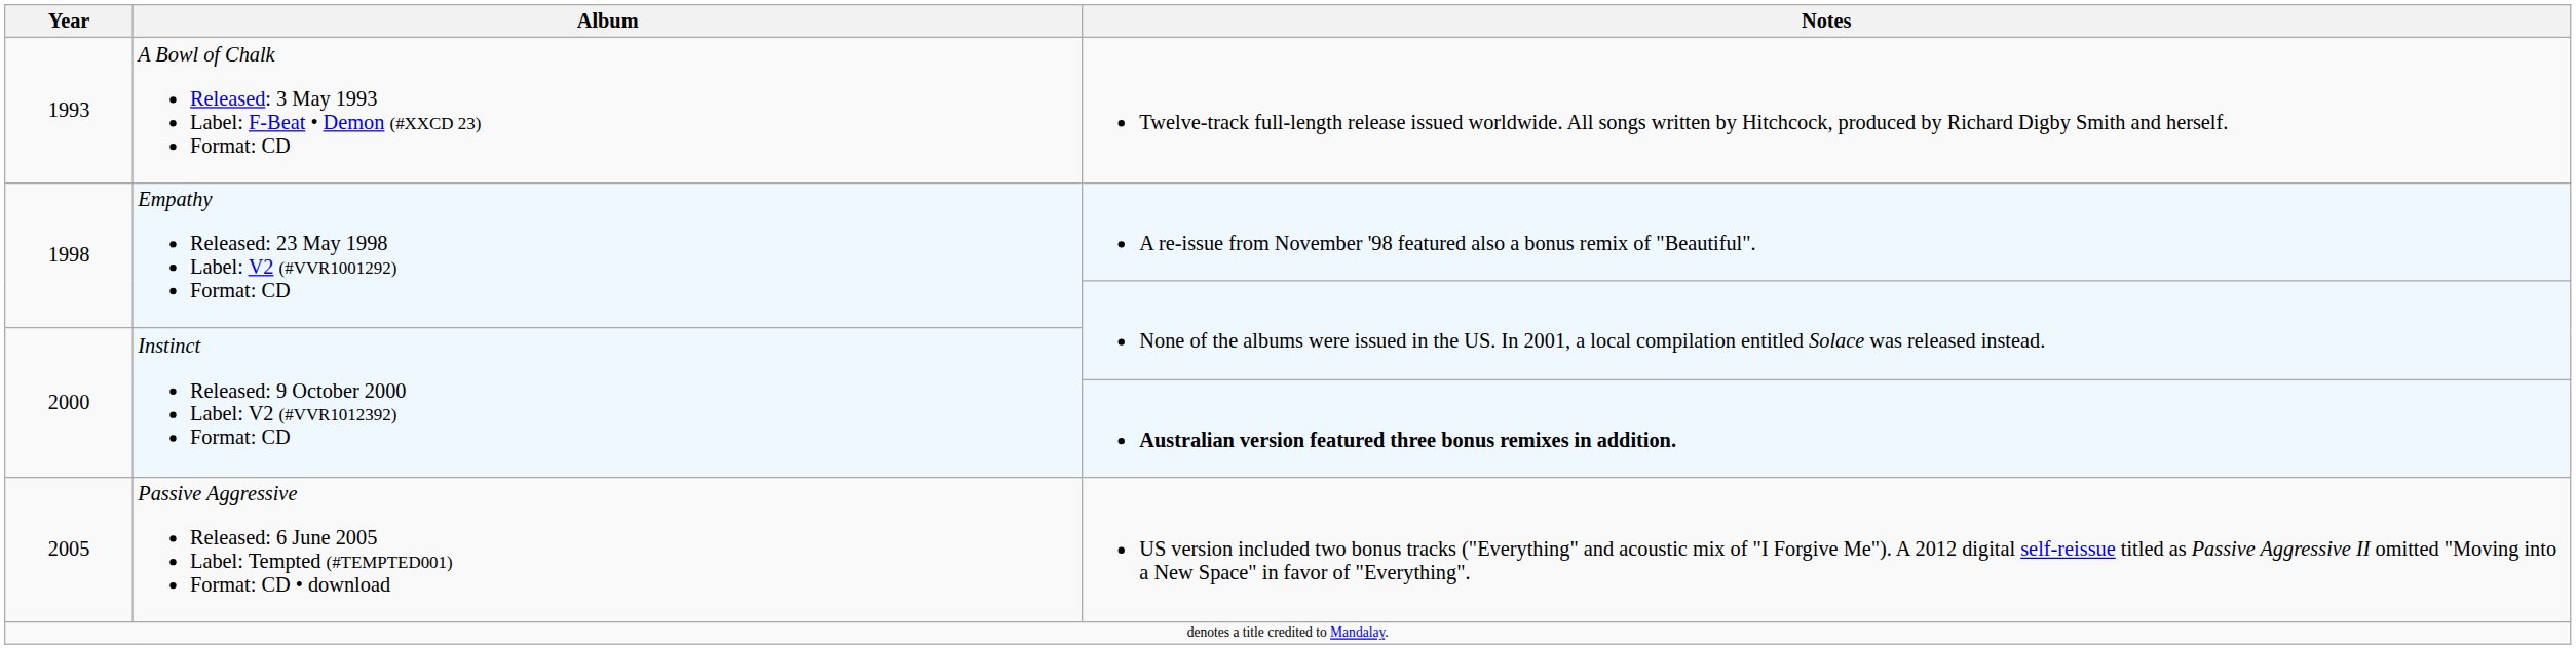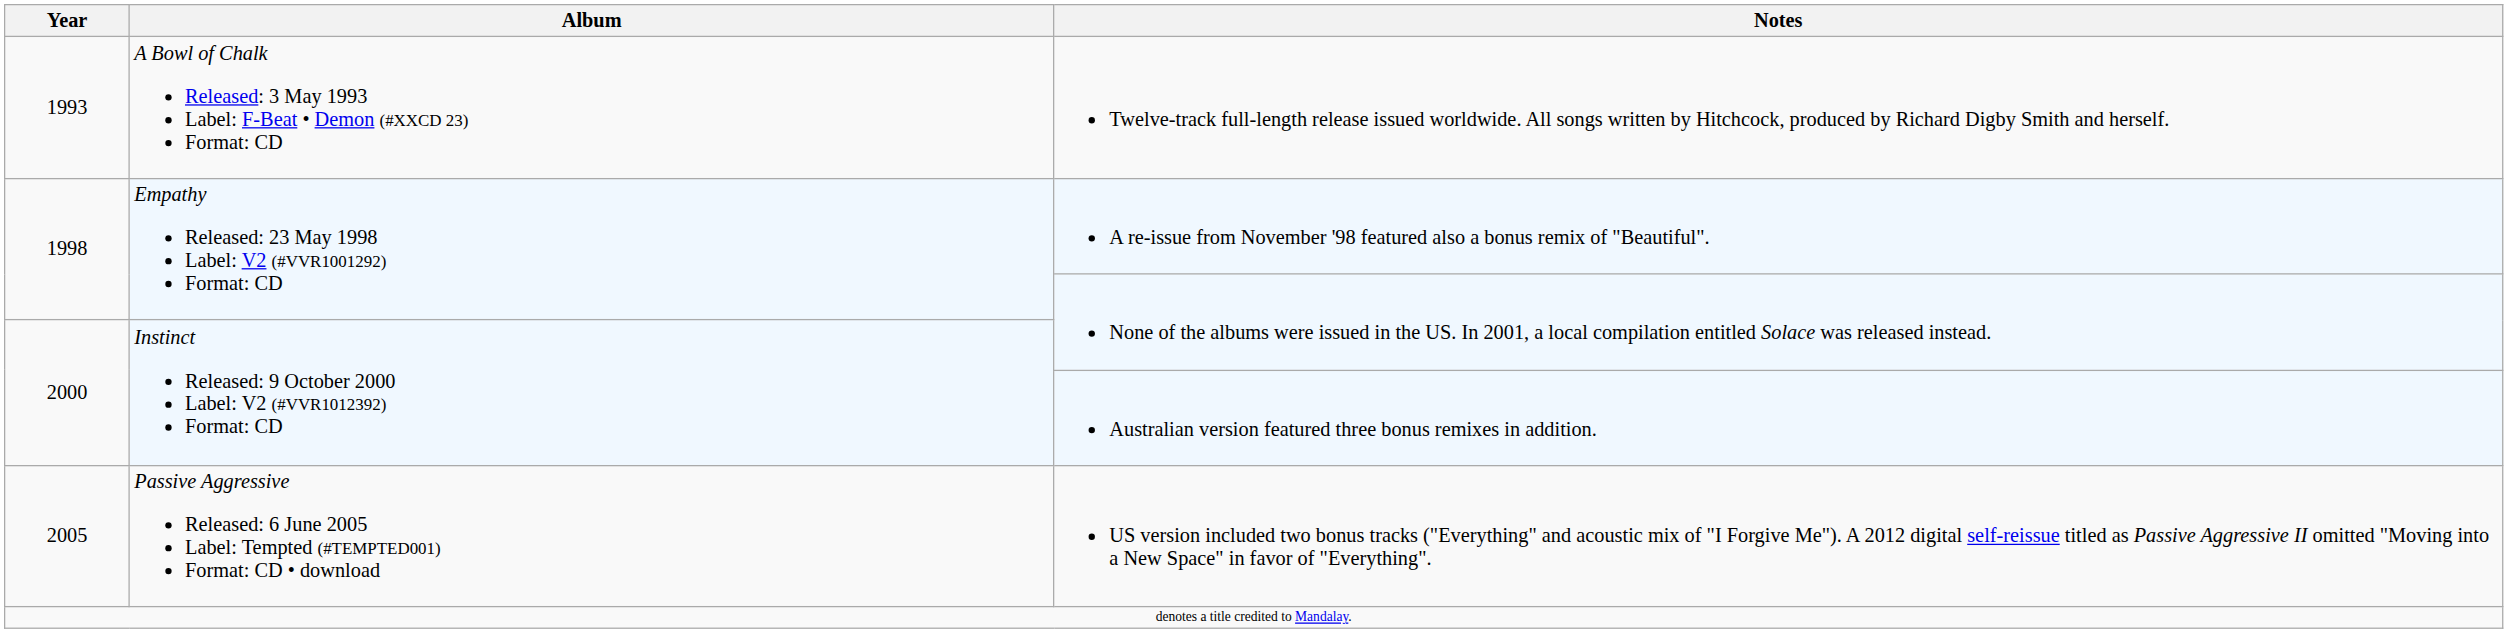 <table class=wikitable style="text-align:left">
 <tr>
 <th width=5%>Year</th>
 <th width=37%>Album</th>
 <th width=58%>Notes</th>
 </tr>
 <tr>
 <td align=center>1993</td>
 <td><em>A Bowl of Chalk</em><br><ul><li><a href='#'>Released</a>: 3 May 1993</li><li>Label: <a href='#'>F-Beat</a> • <a href='#'>Demon</a> <small>(#XXCD 23)</small></li><li>Format: CD</li></ul></td>
 <td><br><ul><li>Twelve-track full-length release issued worldwide. All songs written by Hitchcock, produced by Richard Digby Smith and herself.</li></ul></td>
 </tr>
 <tr>
 <td align=center rowspan=2>1998</td>
 <td bgcolor=F0F8FF rowspan=2><em>Empathy</em><br><ul><li>Released: 23 May 1998</li><li>Label: <a href='#'>V2</a> <small>(#VVR1001292)</small></li><li>Format: CD</li></ul></td>
 <td bgcolor=F0F8FF><br><ul><li>A re-issue from November '98 featured also a bonus remix of "Beautiful".</li></ul></td>
 </tr>
 <tr>
 <td bgcolor=F0F8FF rowspan=2><br><ul><li>None of the albums were issued in the US. In 2001, a local compilation entitled <em>Solace</em> was released instead.</li></ul></td>
 </tr>
 <tr>
 <td align=center rowspan=2>2000</td>
 <td bgcolor=F0F8FF rowspan=2><em>Instinct</em><br><ul><li>Released: 9 October 2000</li><li>Label: V2 <small>(#VVR1012392)</small></li><li>Format: CD</li></ul></td>
 </tr>
 <tr>
-<td bgcolor=F0F8FF><strong><br><ul><li>Australian version featured three bonus remixes in addition.</li></ul></strong></td>
+<td bgcolor=F0F8FF><br><ul><li>Australian version featured three bonus remixes in addition.</li></ul></td>
 </tr>
 <tr>
 <td align=center>2005</td>
 <td><em>Passive Aggressive</em><br><ul><li>Released: 6 June 2005</li><li>Label: Tempted <small>(#TEMPTED001)</small></li><li>Format: CD • download</li></ul></td>
 <td><br><ul><li>US version included two bonus tracks ("Everything" and acoustic mix of "I Forgive Me"). A 2012 digital <a href='#'>self-reissue</a> titled as <em>Passive Aggressive II</em> omitted "Moving into a New Space" in favor of "Everything".</li></ul></td>
 </tr>
 <tr>
 <td width=100% colspan=6 style="font-size:8pt; text-align:center"> denotes a title credited to <a href='#'>Mandalay</a>.</td>
 </tr>
 </table>
